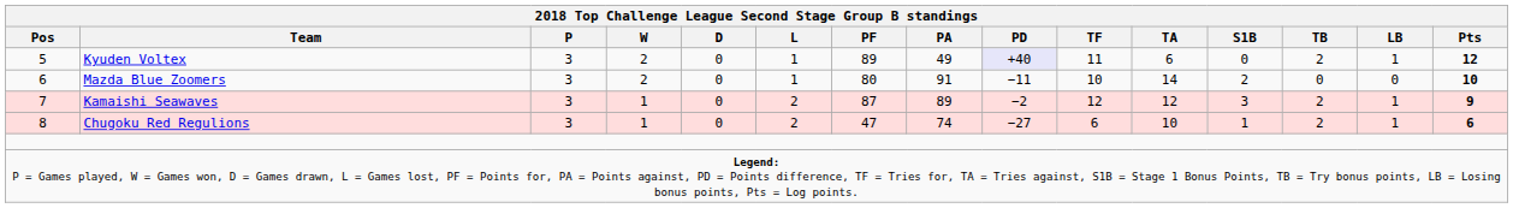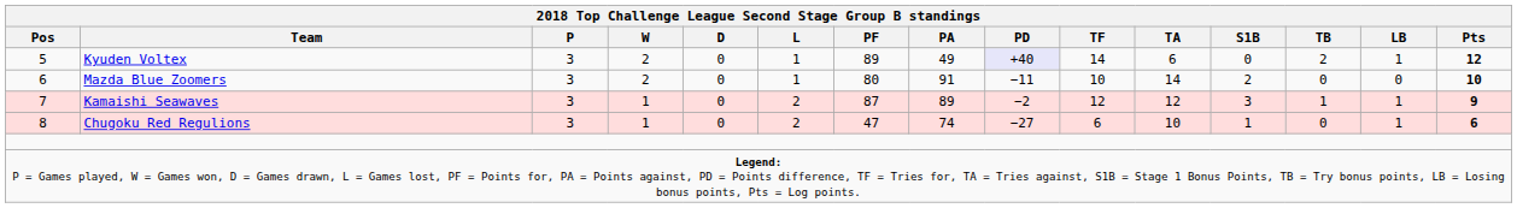 <table class="wikitable" style="text-align:center; font-size:100%; width:75%;">
 <tr>
 <th colspan="100%" cellpadding="0" cellspacing="0"><strong>2018 Top Challenge League Second Stage Group B standings</strong></th>
 </tr>
 <tr>
 <th style="width:5%;">Pos</th>
 <th style="width:30%;">Team</th>
 <th style="width:5%;">P</th>
 <th style="width:5%;">W</th>
 <th style="width:5%;">D</th>
 <th style="width:5%;">L</th>
 <th style="width:5%;">PF</th>
 <th style="width:5%;">PA</th>
 <th style="width:5%;">PD</th>
 <th style="width:5%;">TF</th>
 <th style="width:5%;">TA</th>
 <th style="width:5%;">S1B</th>
 <th style="width:5%;">TB</th>
 <th style="width:5%;">LB</th>
 <th style="width:5%;">Pts<br></th>
 </tr>
 <tr>
 <td>5</td>
 <td style="text-align:left;"><a href='#'>Kyuden Voltex</a></td>
 <td>3</td>
 <td>2</td>
 <td>0</td>
 <td>1</td>
 <td>89</td>
 <td>49</td>
 <td style="background: lavender;">+40</td>
-<td>11</td>
+<td>14</td>
 <td>6</td>
 <td>0</td>
 <td>2</td>
 <td>1</td>
 <td><strong>12</strong></td>
 </tr>
 <tr>
 <td>6</td>
 <td style="text-align:left;"><a href='#'>Mazda Blue Zoomers</a></td>
 <td>3</td>
 <td>2</td>
 <td>0</td>
 <td>1</td>
 <td>80</td>
 <td>91</td>
 <td>−11</td>
 <td>10</td>
 <td>14</td>
 <td>2</td>
 <td>0</td>
 <td>0</td>
 <td><strong>10</strong></td>
 </tr>
 <tr style="background:#FFDDDD;">
 <td>7</td>
 <td style="text-align:left;"><a href='#'>Kamaishi Seawaves</a></td>
 <td>3</td>
 <td>1</td>
 <td>0</td>
 <td>2</td>
 <td>87</td>
 <td>89</td>
 <td>−2</td>
 <td>12</td>
 <td>12</td>
 <td>3</td>
-<td>2</td>
+<td>1</td>
 <td>1</td>
 <td><strong>9</strong></td>
 </tr>
 <tr style="background:#FFDDDD;">
 <td>8</td>
 <td style="text-align:left;"><a href='#'>Chugoku Red Regulions</a></td>
 <td>3</td>
 <td>1</td>
 <td>0</td>
 <td>2</td>
 <td>47</td>
 <td>74</td>
 <td>−27</td>
 <td>6</td>
 <td>10</td>
 <td>1</td>
-<td>2</td>
+<td>0</td>
 <td>1</td>
 <td><strong>6</strong></td>
 </tr>
 <tr>
 <td colspan="100%" style="height:10px;"></td>
 </tr>
 <tr>
 <td colspan="100%"><small><strong>Legend:</strong> <br> P = Games played, W = Games won, D = Games drawn, L = Games lost, PF = Points for, PA = Points against, PD = Points difference, TF = Tries for, TA = Tries against, S1B = Stage 1 Bonus Points, TB = Try bonus points, LB = Losing bonus points, Pts = Log points.</small></td>
 </tr>
 </table>
